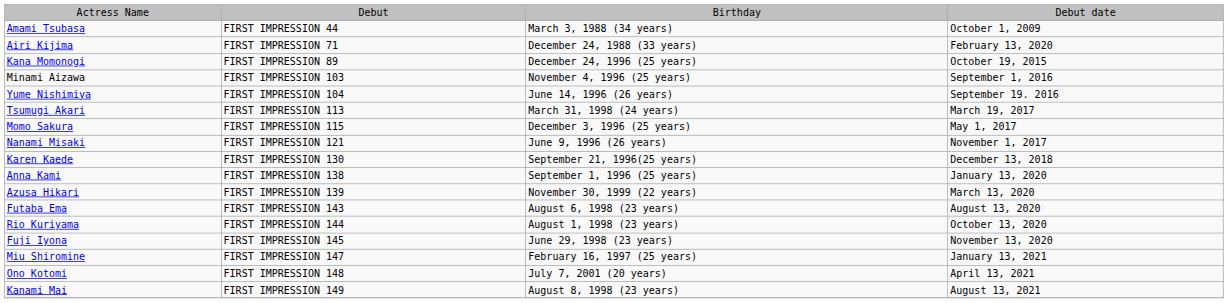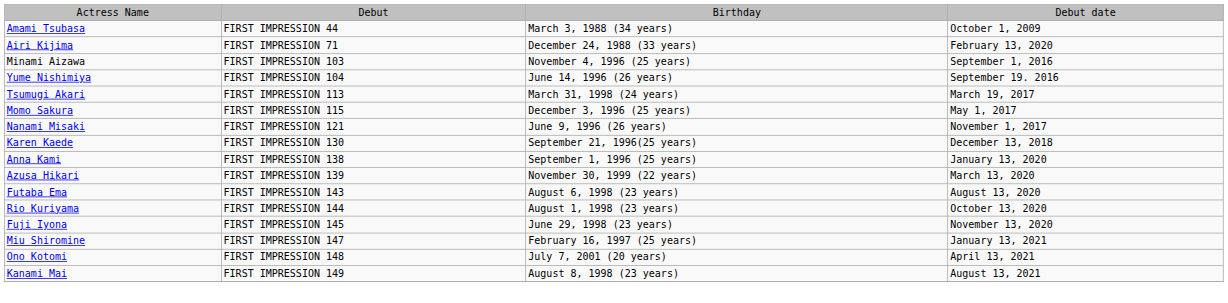 <table class="wikitable" width="100%">
 <tr style="background:#C0C0C0; color:black" align="center">
 <td style="width:20%”">Actress Name</td>
 <td style="width:30%”">Debut</td>
 <td style="width:30%”">Birthday</td>
 <td style="width:20%”">Debut date</td>
 </tr>
 <tr>
 <td><a href='#'>Amami Tsubasa</a></td>
 <td>FIRST IMPRESSION 44</td>
 <td>March 3, 1988 (34 years)</td>
 <td>October 1, 2009</td>
 </tr>
 <tr>
 <td><a href='#'>Airi Kijima</a></td>
 <td>FIRST IMPRESSION 71</td>
 <td>December 24, 1988 (33 years)</td>
 <td>February 13, 2020</td>
-</tr>
-<tr>
-<td><a href='#'>Kana Momonogi</a></td>
-<td>FIRST IMPRESSION 89</td>
-<td>December 24, 1996 (25 years)</td>
-<td>October 19, 2015</td>
 </tr>
 <tr>
 <td>Minami Aizawa</td>
 <td>FIRST IMPRESSION 103</td>
 <td>November 4, 1996 (25 years)</td>
 <td>September 1, 2016</td>
 </tr>
 <tr>
 <td><a href='#'>Yume Nishimiya</a></td>
 <td>FIRST IMPRESSION 104</td>
 <td>June 14, 1996 (26 years)</td>
 <td>September 19. 2016</td>
 </tr>
 <tr>
 <td><a href='#'>Tsumugi Akari</a></td>
 <td>FIRST IMPRESSION 113</td>
 <td>March 31, 1998 (24 years)</td>
 <td>March 19, 2017</td>
 </tr>
 <tr>
 <td><a href='#'>Momo Sakura</a></td>
 <td>FIRST IMPRESSION  115</td>
 <td>December 3, 1996 (25 years)</td>
 <td>May 1, 2017</td>
 </tr>
 <tr>
 <td><a href='#'>Nanami Misaki</a></td>
 <td>FIRST IMPRESSION 121</td>
 <td>June 9, 1996 (26 years)</td>
 <td>November 1, 2017</td>
 </tr>
 <tr>
 <td><a href='#'>Karen Kaede</a></td>
 <td>FIRST IMPRESSION 130</td>
 <td>September 21, 1996(25 years)</td>
 <td>December 13, 2018</td>
 </tr>
 <tr>
 <td><a href='#'>Anna Kami</a></td>
 <td>FIRST IMPRESSION 138</td>
 <td>September 1, 1996 (25 years)</td>
 <td>January 13, 2020</td>
 </tr>
 <tr>
 <td><a href='#'>Azusa Hikari</a></td>
 <td>FIRST IMPRESSION 139</td>
 <td>November 30, 1999 (22 years)</td>
 <td>March 13, 2020</td>
 </tr>
 <tr>
 <td><a href='#'>Futaba Ema</a></td>
 <td>FIRST IMPRESSION 143</td>
 <td>August 6, 1998 (23 years)</td>
 <td>August 13, 2020</td>
 </tr>
 <tr>
 <td><a href='#'>Rio Kuriyama</a></td>
 <td>FIRST IMPRESSION 144</td>
 <td>August 1, 1998 (23 years)</td>
 <td>October 13, 2020</td>
 </tr>
 <tr>
 <td><a href='#'>Fuji Iyona</a></td>
 <td>FIRST IMPRESSION 145</td>
 <td>June 29, 1998 (23 years)</td>
 <td>November 13, 2020</td>
 </tr>
 <tr>
 <td><a href='#'>Miu Shiromine</a></td>
 <td>FIRST IMPRESSION 147</td>
 <td>February 16, 1997 (25 years)</td>
 <td>January 13, 2021</td>
 </tr>
 <tr>
 <td><a href='#'>Ono Kotomi</a></td>
 <td>FIRST IMPRESSION 148</td>
 <td>July 7, 2001 (20 years)</td>
 <td>April 13, 2021</td>
 </tr>
 <tr>
 <td><a href='#'>Kanami Mai</a></td>
 <td>FIRST IMPRESSION 149</td>
 <td>August 8, 1998 (23 years)</td>
 <td>August 13, 2021</td>
 </tr>
 <tr>
 </tr>
 </table>
